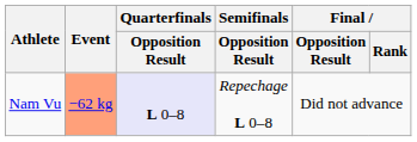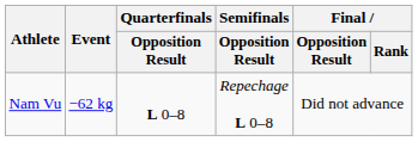 <table class="wikitable" style="text-align:center; font-size:90%">
 <tr>
 <th rowspan=2>Athlete</th>
 <th rowspan=2>Event</th>
 <th>Quarterfinals</th>
 <th>Semifinals</th>
 <th colspan=2>Final / </th>
 </tr>
 <tr style="font-size:95%">
 <th>Opposition<br>Result</th>
 <th>Opposition<br>Result</th>
 <th>Opposition<br>Result</th>
 <th>Rank</th>
 </tr>
 <tr>
 <td align=left><a href='#'>Nam Vu</a></td>
-<td align=left style="background: lightsalmon;"><a href='#'>−62 kg</a></td>
-<td style="background: lavender;"><br> <strong>L</strong> 0–8</td>
+<td align=left><a href='#'>−62 kg</a></td>
+<td><br> <strong>L</strong> 0–8</td>
 <td><em>Repechage</em><br><br> <strong>L</strong> 0–8</td>
 <td colspan=2>Did not advance</td>
 </tr>
 </table>
